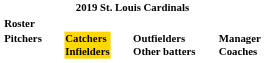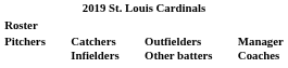 <table class="toccolours" style="font-size: 95%;">
 <tr>
 <th colspan="10">2019 St. Louis Cardinals</th>
 </tr>
 <tr>
 <td colspan="10"><strong>Roster</strong></td>
 </tr>
 <tr>
 <td valign="top"><strong>Pitchers</strong><br>                     </td>
 <td style="width:25px;"></td>
-<td valign="top" style="background: gold;"><strong>Catchers</strong><br>   <strong>Infielders</strong>         </td>
+<td valign="top"><strong>Catchers</strong><br>   <strong>Infielders</strong>         </td>
 <td style="width:25px;"></td>
 <td valign="top"><strong>Outfielders</strong><br>        <strong>Other batters</strong> </td>
 <td style="width:25px;"></td>
 <td valign="top"><strong>Manager</strong><br> <strong>Coaches</strong>                      </td>
 </tr>
 </table>
